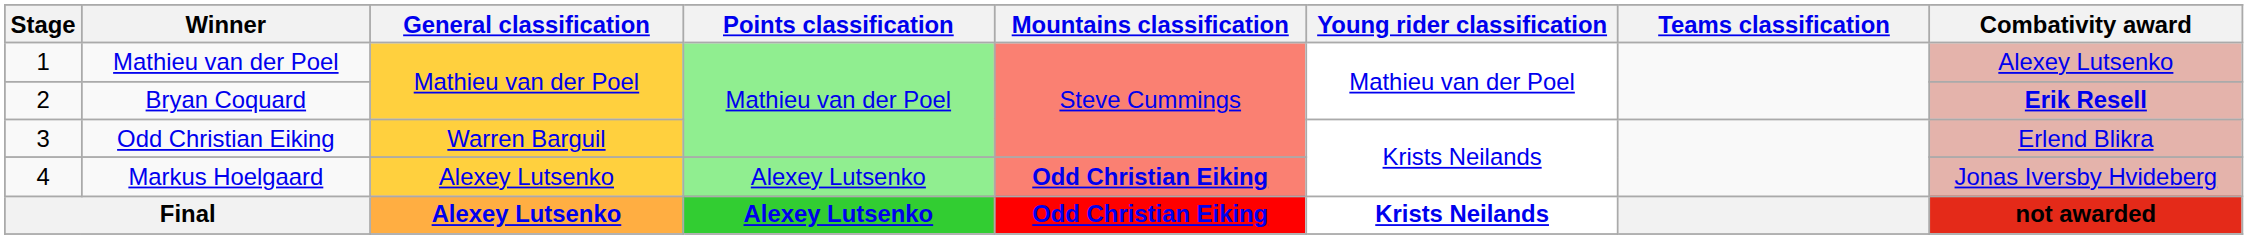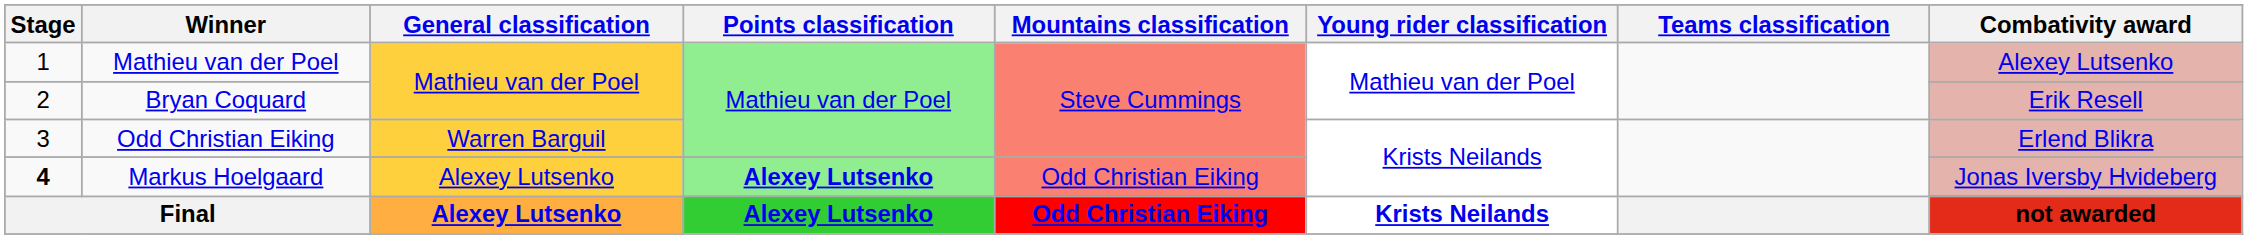 <table class="wikitable" style="text-align: center; font-size:smaller;">
 <tr style="background:#efefef;">
 <th style="width:1%;">Stage</th>
 <th style="width:13%;">Winner</th>
 <th style="width:14%;"><a href='#'>General classification</a><br></th>
 <th style="width:14%;"><a href='#'>Points classification</a><br></th>
 <th style="width:14%;"><a href='#'>Mountains classification</a><br></th>
 <th style="width:14%;"><a href='#'>Young rider classification</a><br></th>
 <th style="width:14%;"><a href='#'>Teams classification</a></th>
 <th style="width:14%;">Combativity award<br></th>
 </tr>
 <tr>
 <td>1</td>
 <td><a href='#'>Mathieu van der Poel</a></td>
 <td style="background:#FFD03E;" rowspan=2><a href='#'>Mathieu van der Poel</a></td>
 <td style="background:lightgreen" rowspan=3><a href='#'>Mathieu van der Poel</a></td>
 <td style="background:salmon;" rowspan=3><a href='#'>Steve Cummings</a></td>
 <td style="background:white;" rowspan=2><a href='#'>Mathieu van der Poel</a></td>
 <td style="background:offwhite" rowspan=2></td>
 <td style="background:#E4B3AB;"><a href='#'>Alexey Lutsenko</a></td>
 </tr>
 <tr>
 <td>2</td>
 <td><a href='#'>Bryan Coquard</a></td>
-<td style="background:#E4B3AB;"><strong><a href='#'>Erik Resell</a></strong></td>
+<td style="background:#E4B3AB;"><a href='#'>Erik Resell</a></td>
 </tr>
 <tr>
 <td>3</td>
 <td><a href='#'>Odd Christian Eiking</a></td>
 <td style="background:#FFD03E;"><a href='#'>Warren Barguil</a></td>
 <td style="background:white;" rowspan="2"><a href='#'>Krists Neilands</a></td>
 <td style="background:offwhite" rowspan="2"></td>
 <td style="background:#E4B3AB;"><a href='#'>Erlend Blikra</a></td>
 </tr>
 <tr>
-<td>4</td>
+<td><strong>4</strong></td>
 <td><a href='#'>Markus Hoelgaard</a></td>
 <td style="background:#FFD03E;"><a href='#'>Alexey Lutsenko</a></td>
-<td style="background:lightgreen"><a href='#'>Alexey Lutsenko</a></td>
-<td style="background:salmon;"><strong><a href='#'>Odd Christian Eiking</a></strong></td>
+<td style="background:lightgreen"><strong><a href='#'>Alexey Lutsenko</a></strong></td>
+<td style="background:salmon;"><a href='#'>Odd Christian Eiking</a></td>
 <td style="background:#E4B3AB;"><a href='#'>Jonas Iversby Hvideberg</a></td>
 </tr>
 <tr>
 <th colspan=2><strong>Final</strong></th>
 <th style="background:#FFAE42;"><a href='#'>Alexey Lutsenko</a></th>
 <th style="background:limegreen;"><a href='#'>Alexey Lutsenko</a></th>
 <th style="background:red;"><a href='#'>Odd Christian Eiking</a></th>
 <th style="background:white;"><a href='#'>Krists Neilands</a></th>
 <th style="background:offwhite;"></th>
 <th style="background:#E42A19;"><strong>not awarded</strong></th>
 </tr>
 </table>
